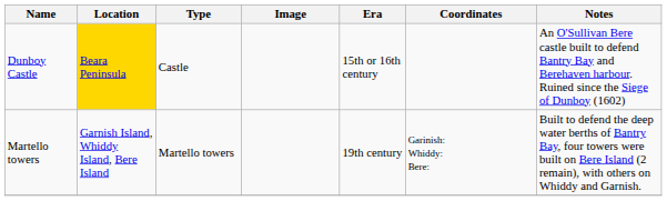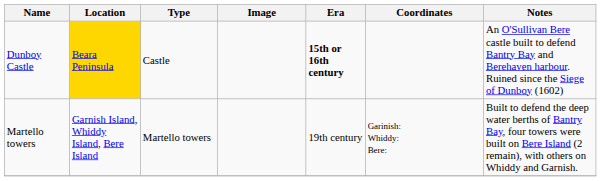 <table class="wikitable" width="100%">
 <tr>
 <th width=11%>Name</th>
 <th width=12%>Location</th>
 <th width=13%>Type</th>
 <th width=15%>Image</th>
 <th width=10%>Era</th>
 <th width=20%>Coordinates</th>
 <th width=19%>Notes</th>
 </tr>
 <tr>
 <td><a href='#'>Dunboy Castle</a></td>
 <td style="background: gold;"><a href='#'>Beara Peninsula</a></td>
 <td>Castle</td>
 <td></td>
-<td>15th or 16th century</td>
+<td><strong>15th or 16th century</strong></td>
 <td></td>
 <td>An <a href='#'>O'Sullivan Bere</a> castle built to defend <a href='#'>Bantry Bay</a> and <a href='#'>Berehaven harbour</a>. Ruined since the <a href='#'>Siege of Dunboy</a> (1602)</td>
 </tr>
 <tr>
 <td>Martello towers</td>
 <td><a href='#'>Garnish Island</a>, <a href='#'>Whiddy Island</a>, <a href='#'>Bere Island</a></td>
 <td>Martello towers</td>
 <td></td>
 <td>19th century</td>
 <td><small>Garinish:<br>Whiddy:<br>Bere:</small></td>
 <td>Built to defend the deep water berths of <a href='#'>Bantry Bay</a>, four towers were built on <a href='#'>Bere Island</a> (2 remain), with others on Whiddy and Garnish.</td>
 </tr>
 <tr>
 </tr>
 </table>
